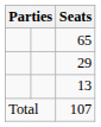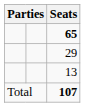 <table class="wikitable" style="text-align:left;">
 <tr>
 <th colspan="2" style="text-align:left;">Parties</th>
 <th>Seats</th>
 </tr>
 <tr>
 <td></td>
 <td></td>
-<td style="text-align:right;">65</td>
+<td style="text-align:right;"><strong>65</strong></td>
 </tr>
 <tr>
 <td></td>
 <td></td>
 <td style="text-align:right;">29</td>
 </tr>
 <tr>
 <td></td>
 <td></td>
 <td style="text-align:right;">13</td>
 </tr>
 <tr>
 <td colspan="2" style="text-align:left;">Total</td>
-<td style="text-align:right;">107</td>
+<td style="text-align:right;"><strong>107</strong></td>
 </tr>
 </table>
